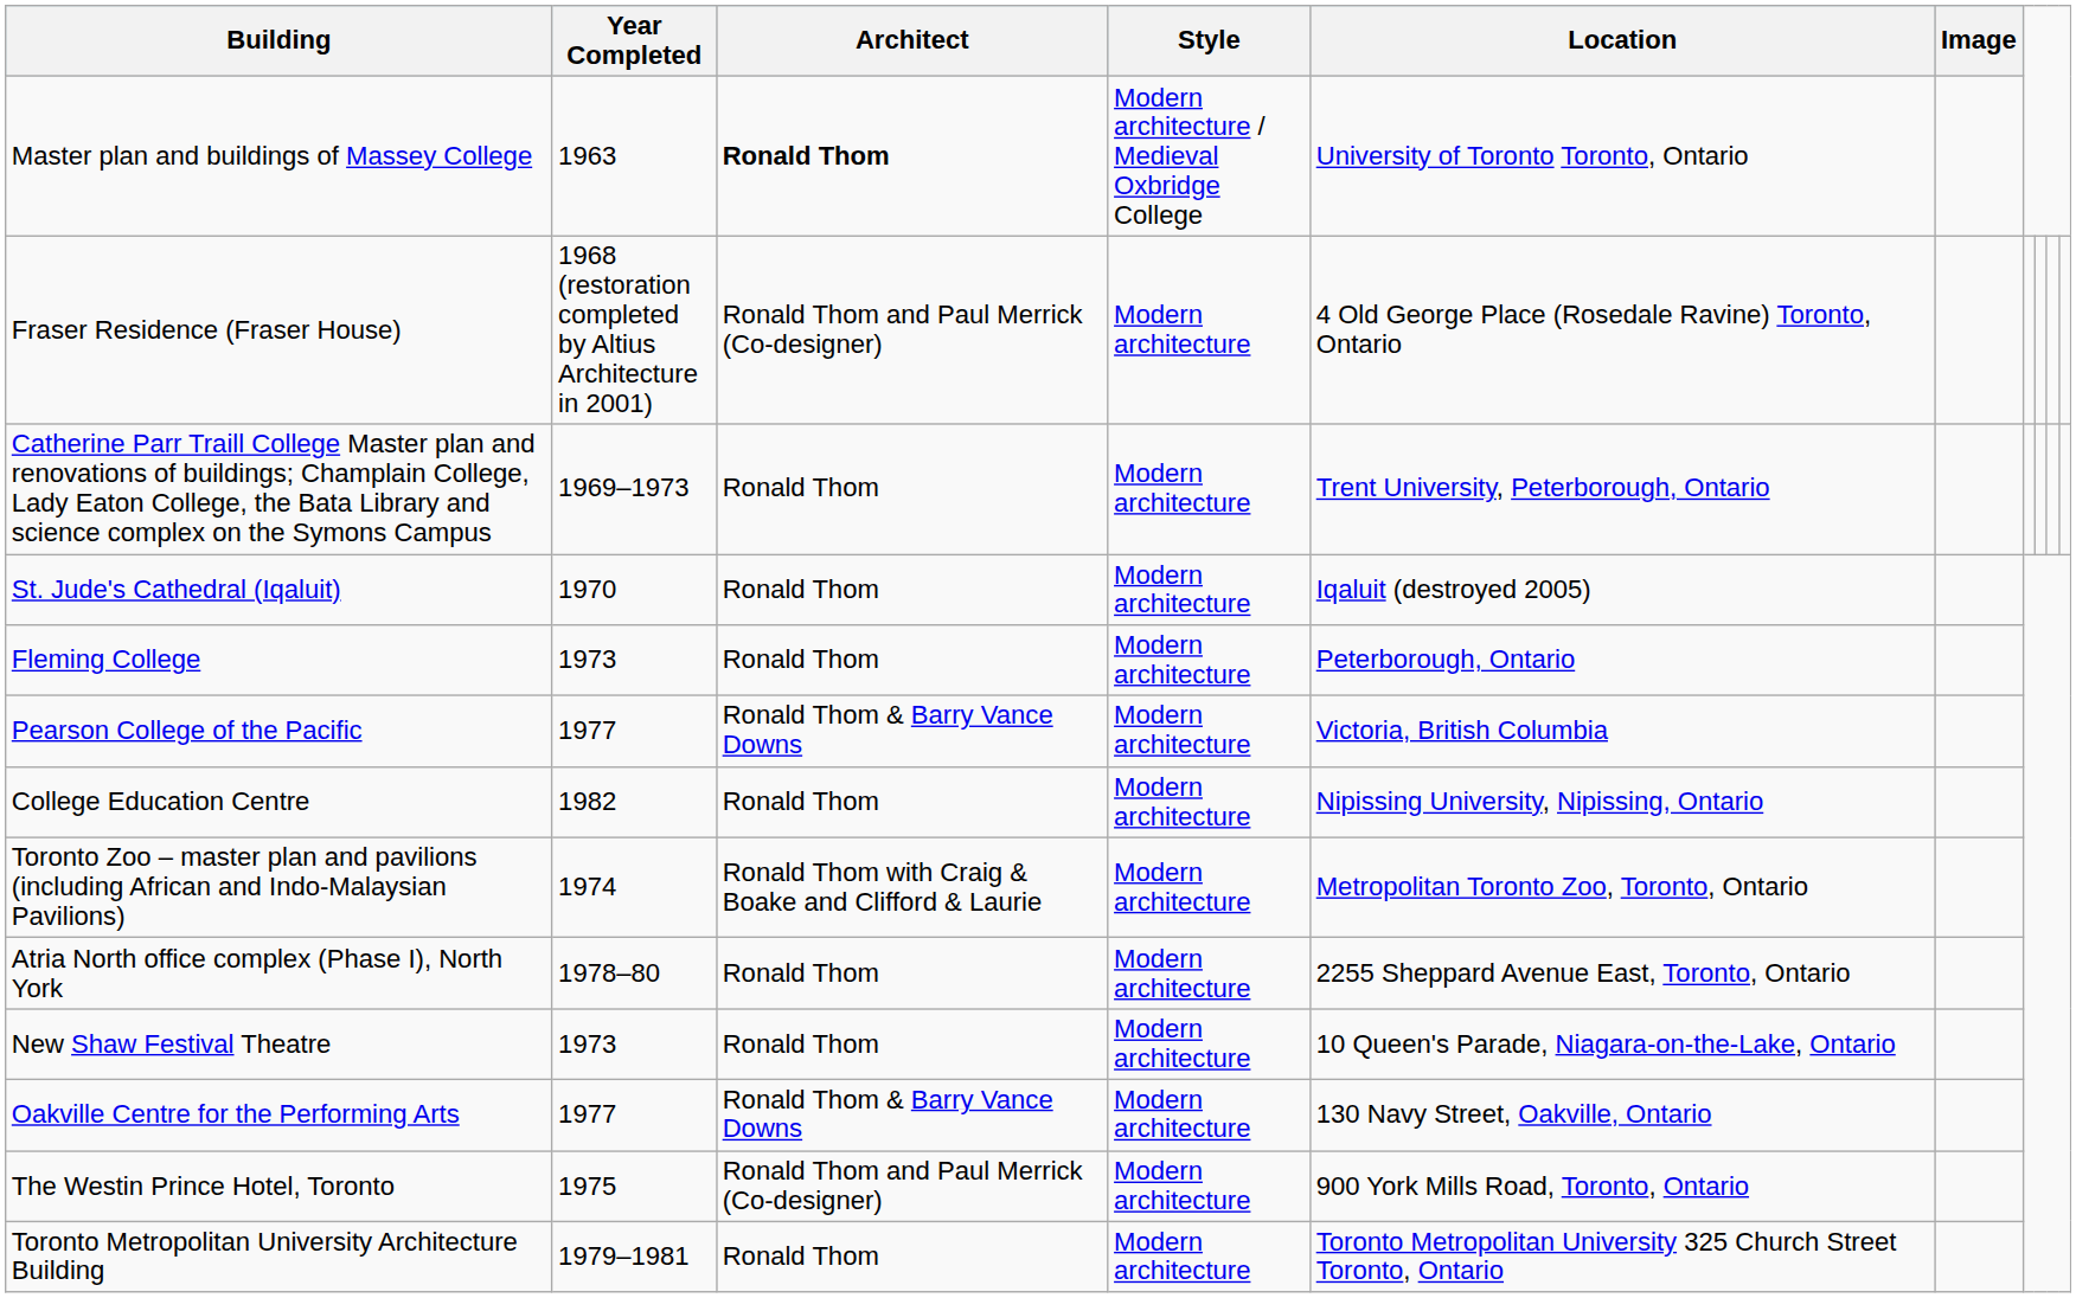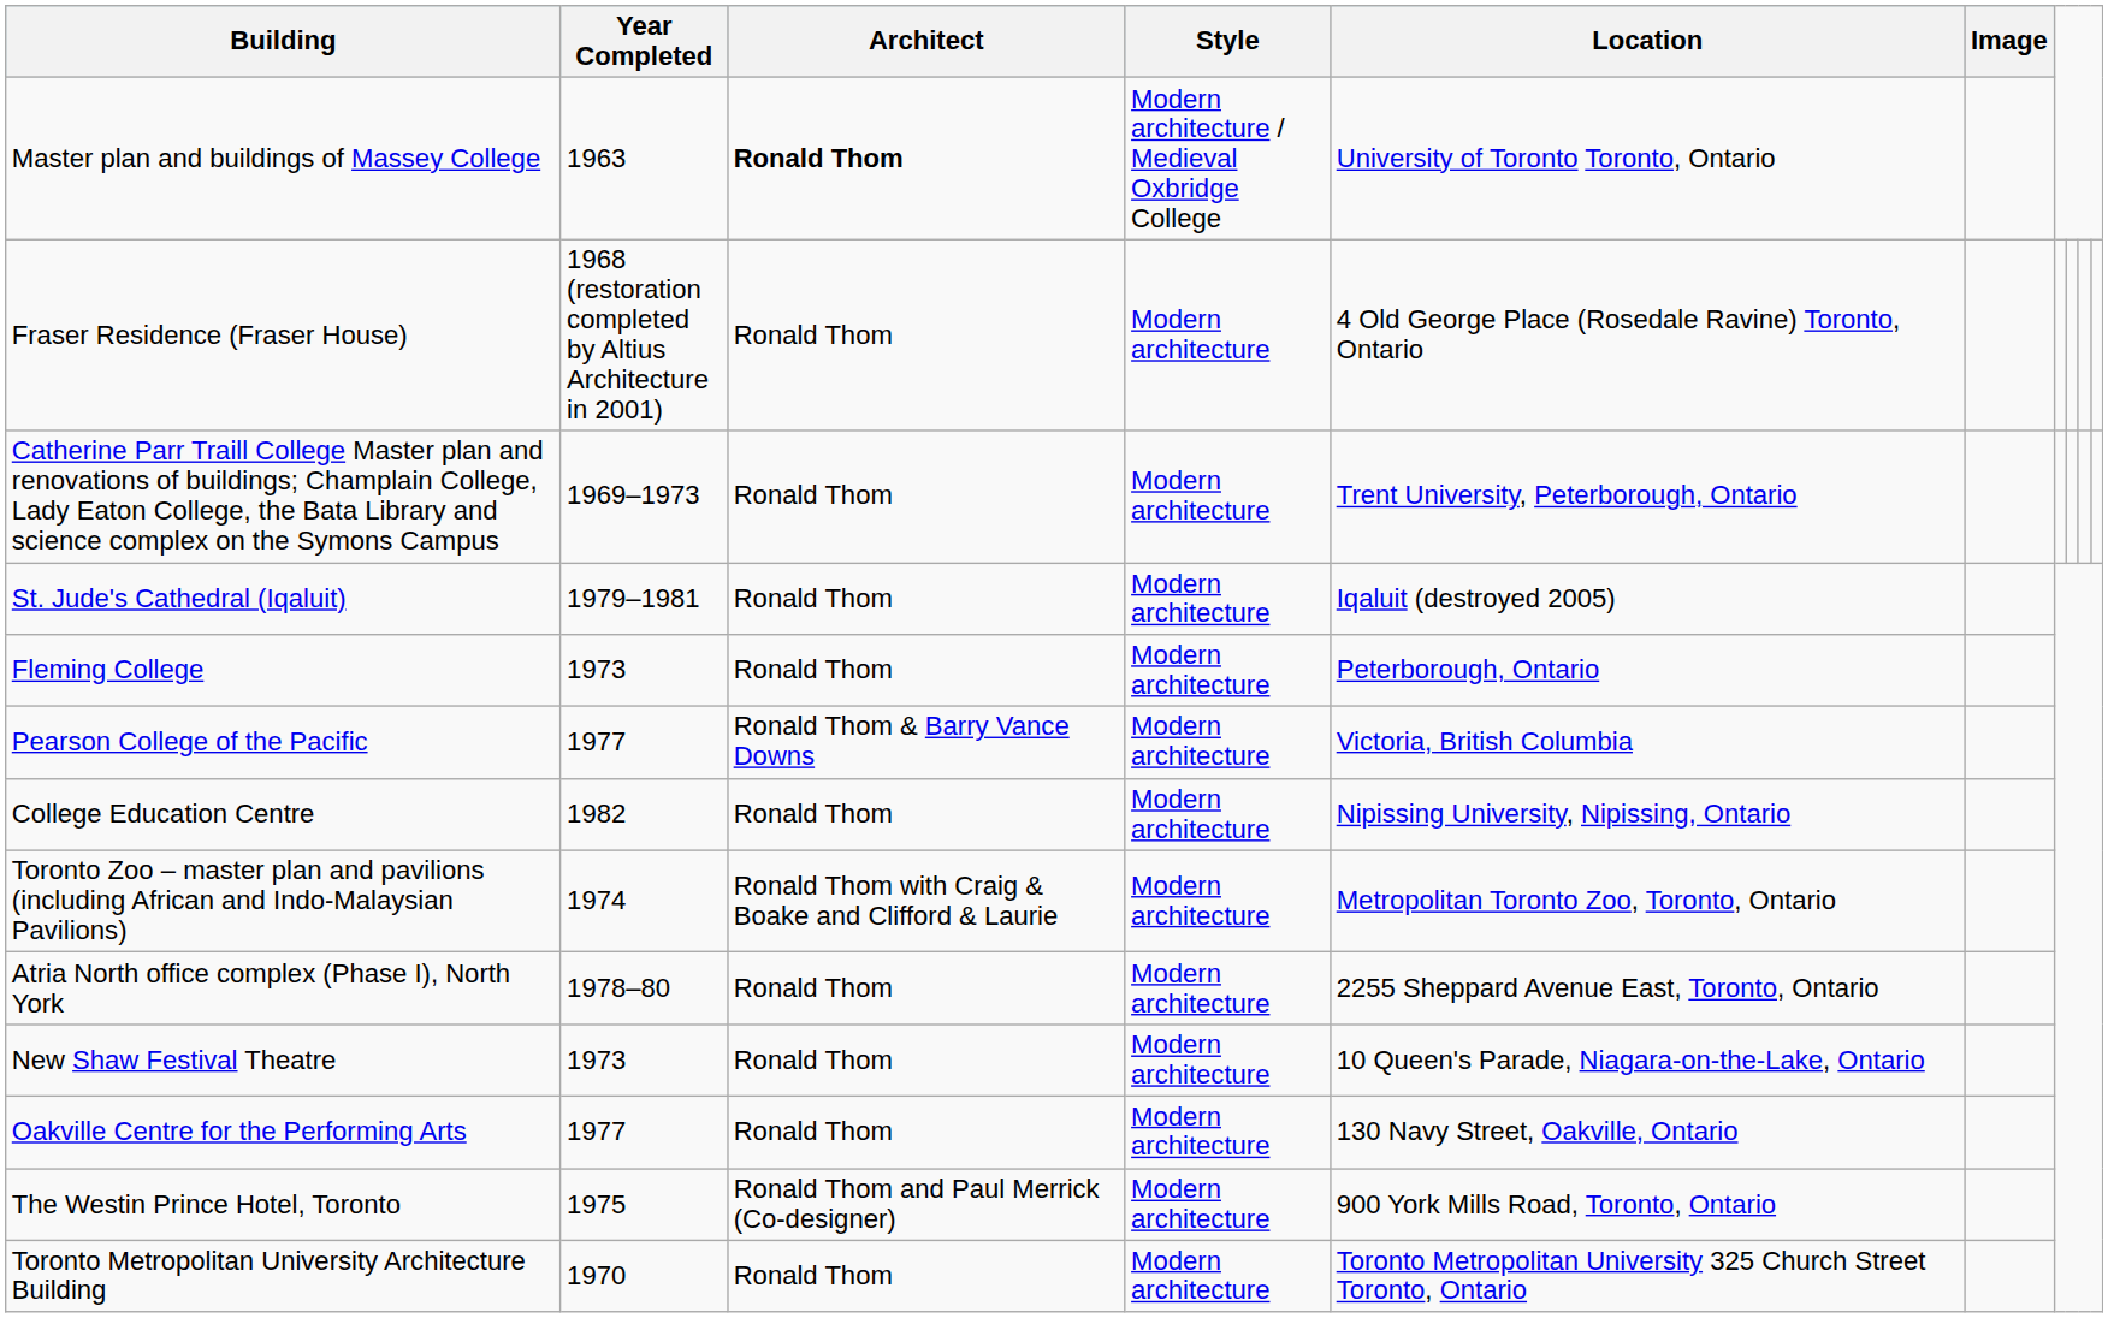 <table class="wikitable sortable" style="margin:1em auto;">
 <tr style="background:lightblue;">
 <th width=28%>Building</th>
 <th width=8%>Year Completed</th>
 <th width=20%>Architect</th>
 <th width=10%>Style</th>
 <th width=32%>Location</th>
 <th width=7%>Image</th>
 </tr>
 <tr>
 <td>Master plan and buildings of <a href='#'>Massey College</a></td>
 <td>1963</td>
 <td><strong>Ronald Thom</strong></td>
 <td><a href='#'>Modern architecture</a> / <a href='#'>Medieval Oxbridge</a> College</td>
 <td><a href='#'>University of Toronto</a> <a href='#'>Toronto</a>, Ontario</td>
 <td></td>
 </tr>
 <tr>
 <td>Fraser Residence (Fraser House)</td>
 <td>1968 (restoration completed by Altius Architecture in 2001)</td>
-<td>Ronald Thom  and Paul Merrick (Co-designer)</td>
+<td>Ronald Thom</td>
 <td><a href='#'>Modern architecture</a></td>
 <td>4 Old George Place (Rosedale Ravine) <a href='#'>Toronto</a>, Ontario</td>
 <td></td>
 <td></td>
 <td></td>
 <td></td>
 <td></td>
 </tr>
 <tr>
 <td><a href='#'>Catherine Parr Traill College</a> Master plan and renovations of buildings; Champlain College, Lady Eaton College, the Bata Library and science complex on the Symons Campus</td>
 <td>1969–1973</td>
 <td>Ronald Thom</td>
 <td><a href='#'>Modern architecture</a></td>
 <td><a href='#'>Trent University</a>, <a href='#'>Peterborough, Ontario</a></td>
 <td><br> </td>
 <td></td>
 <td></td>
 <td></td>
 <td></td>
 </tr>
 <tr>
 <td><a href='#'>St. Jude's Cathedral (Iqaluit)</a></td>
-<td>1970</td>
+<td>1979–1981</td>
 <td>Ronald Thom</td>
 <td><a href='#'>Modern architecture</a></td>
 <td><a href='#'>Iqaluit</a> (destroyed 2005)</td>
 <td></td>
 </tr>
 <tr>
 <td><a href='#'>Fleming College</a></td>
 <td>1973</td>
 <td>Ronald Thom</td>
 <td><a href='#'>Modern architecture</a></td>
 <td><a href='#'>Peterborough, Ontario</a></td>
 <td></td>
 </tr>
 <tr>
 <td><a href='#'>Pearson College of the Pacific</a></td>
 <td>1977</td>
 <td>Ronald Thom & <a href='#'>Barry Vance Downs</a></td>
 <td><a href='#'>Modern architecture</a></td>
 <td><a href='#'>Victoria, British Columbia</a></td>
 <td></td>
 </tr>
 <tr>
 <td>College Education Centre</td>
 <td>1982</td>
 <td>Ronald Thom</td>
 <td><a href='#'>Modern architecture</a></td>
 <td><a href='#'>Nipissing University</a>, <a href='#'>Nipissing, Ontario</a></td>
 <td></td>
 </tr>
 <tr>
 <td>Toronto Zoo – master plan and pavilions (including African and Indo-Malaysian Pavilions)</td>
 <td>1974</td>
 <td>Ronald Thom with Craig & Boake and Clifford & Laurie</td>
 <td><a href='#'>Modern architecture</a></td>
 <td><a href='#'>Metropolitan Toronto Zoo</a>, <a href='#'>Toronto</a>, Ontario</td>
 <td></td>
 </tr>
 <tr>
 <td>Atria North office complex (Phase I), North York</td>
 <td>1978–80</td>
 <td>Ronald Thom</td>
 <td><a href='#'>Modern architecture</a></td>
 <td>2255 Sheppard Avenue East, <a href='#'>Toronto</a>, Ontario</td>
 <td></td>
 </tr>
 <tr>
 <td>New <a href='#'>Shaw Festival</a> Theatre</td>
 <td>1973</td>
 <td>Ronald Thom</td>
 <td><a href='#'>Modern architecture</a></td>
 <td>10 Queen's Parade, <a href='#'>Niagara-on-the-Lake</a>, <a href='#'>Ontario</a></td>
 <td></td>
 </tr>
 <tr>
 <td><a href='#'>Oakville Centre for the Performing Arts</a></td>
 <td>1977</td>
-<td>Ronald Thom & <a href='#'>Barry Vance Downs</a></td>
+<td>Ronald Thom</td>
 <td><a href='#'>Modern architecture</a></td>
 <td>130 Navy Street, <a href='#'>Oakville, Ontario</a></td>
 <td></td>
 </tr>
 <tr>
 <td>The Westin Prince Hotel, Toronto</td>
 <td>1975</td>
 <td>Ronald Thom  and Paul Merrick (Co-designer)</td>
 <td><a href='#'>Modern architecture</a></td>
 <td>900 York Mills Road, <a href='#'>Toronto</a>, <a href='#'>Ontario</a></td>
 <td></td>
 </tr>
 <tr>
 <td>Toronto Metropolitan University Architecture Building</td>
-<td>1979–1981</td>
+<td>1970</td>
 <td>Ronald Thom</td>
 <td><a href='#'>Modern architecture</a></td>
 <td><a href='#'>Toronto Metropolitan University</a> 325 Church Street <a href='#'>Toronto</a>, <a href='#'>Ontario</a></td>
 <td></td>
 </tr>
 </table>
